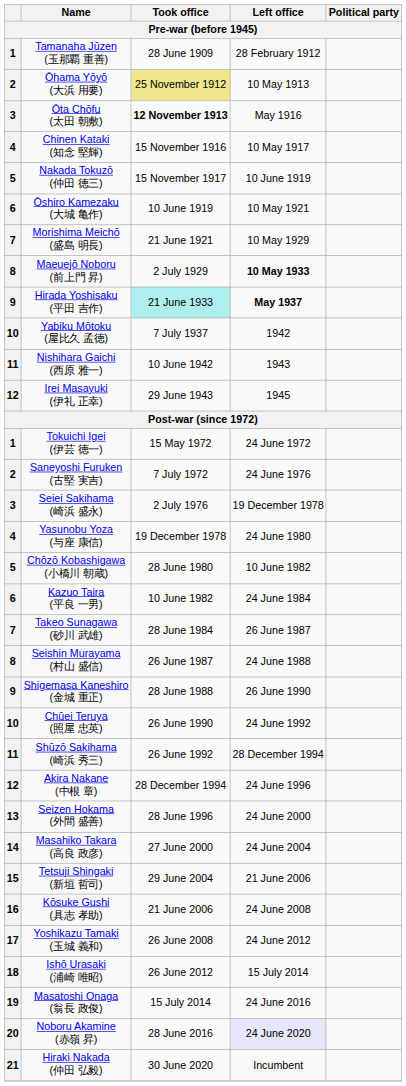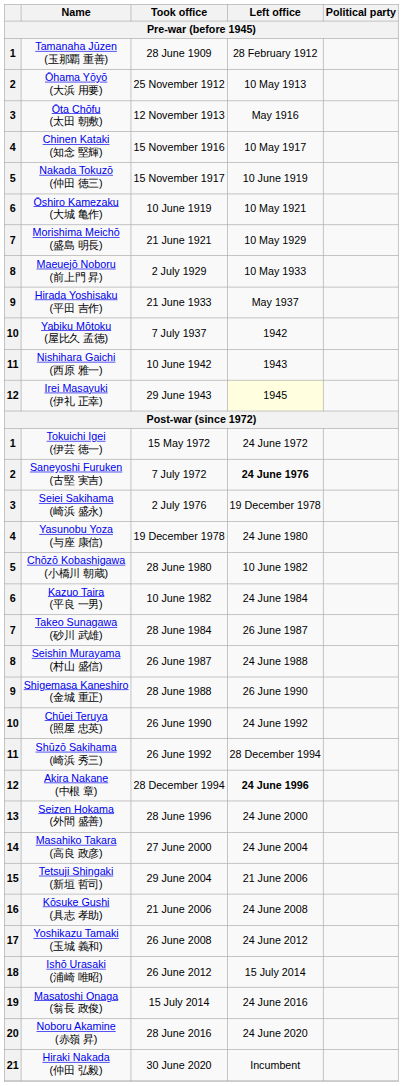 <table class="wikitable" style="text-align:center">
 <tr>
 <th></th>
 <th>Name</th>
 <th>Took office</th>
 <th>Left office</th>
 <th>Political party</th>
 </tr>
 <tr>
 <th colspan="5">Pre-war (before 1945)</th>
 </tr>
 <tr>
 <th>1</th>
 <td><a href='#'>Tamanaha Jūzen</a><br>(玉那覇 重善)</td>
 <td>28 June 1909</td>
 <td>28 February 1912</td>
 <td></td>
 </tr>
 <tr>
 <th>2</th>
 <td><a href='#'>Ōhama Yōyō</a><br>(大浜 用要)</td>
-<td style="background: khaki;">25 November 1912</td>
+<td>25 November 1912</td>
 <td>10 May 1913</td>
 <td></td>
 </tr>
 <tr>
 <th>3</th>
 <td><a href='#'>Ōta Chōfu</a><br>(太田 朝敷)</td>
-<td><strong>12 November 1913</strong></td>
+<td>12 November 1913</td>
 <td>May 1916</td>
 <td></td>
 </tr>
 <tr>
 <th>4</th>
 <td><a href='#'>Chinen Kataki</a><br>(知念 堅輝)</td>
 <td>15 November 1916</td>
 <td>10 May 1917</td>
 <td></td>
 </tr>
 <tr>
 <th>5</th>
 <td><a href='#'>Nakada Tokuzō</a><br>(仲田 徳三)</td>
 <td>15 November 1917</td>
 <td>10 June 1919</td>
 <td></td>
 </tr>
 <tr>
 <th>6</th>
 <td><a href='#'>Ōshiro Kamezaku</a><br>(大城 亀作)</td>
 <td>10 June 1919</td>
 <td>10 May 1921</td>
 <td></td>
 </tr>
 <tr>
 <th>7</th>
 <td><a href='#'>Morishima Meichō</a><br>(盛島 明長)</td>
 <td>21 June 1921</td>
 <td>10 May 1929</td>
 <td></td>
 </tr>
 <tr>
 <th>8</th>
 <td><a href='#'>Maeuejō Noboru</a><br>(前上門 昇)</td>
 <td>2 July 1929</td>
-<td><strong>10 May 1933</strong></td>
+<td>10 May 1933</td>
 <td></td>
 </tr>
 <tr>
 <th>9</th>
 <td><a href='#'>Hirada Yoshisaku</a><br>(平田 吉作)</td>
-<td style="background: paleturquoise;">21 June 1933</td>
-<td><strong>May 1937</strong></td>
+<td>21 June 1933</td>
+<td>May 1937</td>
 <td></td>
 </tr>
 <tr>
 <th>10</th>
 <td><a href='#'>Yabiku Mōtoku</a><br>(屋比久 孟徳)</td>
 <td>7 July 1937</td>
 <td>1942</td>
 <td></td>
 </tr>
 <tr>
 <th>11</th>
 <td><a href='#'>Nishihara Gaichi</a><br>(西原 雅一)</td>
 <td>10 June 1942</td>
 <td>1943</td>
 <td></td>
 </tr>
 <tr>
 <th>12</th>
 <td><a href='#'>Irei Masayuki</a><br>(伊礼 正幸)</td>
 <td>29 June 1943</td>
-<td>1945</td>
+<td style="background: lightyellow;">1945</td>
 <td></td>
 </tr>
 <tr>
 <th colspan="5">Post-war (since 1972)</th>
 </tr>
 <tr>
 <th>1</th>
 <td><a href='#'>Tokuichi Igei</a><br>(伊芸 徳一)</td>
 <td>15 May 1972</td>
 <td>24 June 1972</td>
 <td></td>
 </tr>
 <tr>
 <th>2</th>
 <td><a href='#'>Saneyoshi Furuken</a><br>(古堅 実吉)</td>
 <td>7 July 1972</td>
-<td>24 June 1976</td>
+<td><strong>24 June 1976</strong></td>
 <td></td>
 </tr>
 <tr>
 <th>3</th>
 <td><a href='#'>Seiei Sakihama</a><br>(崎浜 盛永)</td>
 <td>2 July 1976</td>
 <td>19 December 1978</td>
 <td></td>
 </tr>
 <tr>
 <th>4</th>
 <td><a href='#'>Yasunobu Yoza</a><br>(与座 康信)</td>
 <td>19 December 1978</td>
 <td>24 June 1980</td>
 <td></td>
 </tr>
 <tr>
 <th>5</th>
 <td><a href='#'>Chōzō Kobashigawa</a><br>(小橋川 朝蔵)</td>
 <td>28 June 1980</td>
 <td>10 June 1982</td>
 <td></td>
 </tr>
 <tr>
 <th>6</th>
 <td><a href='#'>Kazuo Taira</a><br>(平良 一男)</td>
 <td>10 June 1982</td>
 <td>24 June 1984</td>
 <td></td>
 </tr>
 <tr>
 <th>7</th>
 <td><a href='#'>Takeo Sunagawa</a><br>(砂川 武雄)</td>
 <td>28 June 1984</td>
 <td>26 June 1987</td>
 <td></td>
 </tr>
 <tr>
 <th>8</th>
 <td><a href='#'>Seishin Murayama</a><br>(村山 盛信)</td>
 <td>26 June 1987</td>
 <td>24 June 1988</td>
 <td></td>
 </tr>
 <tr>
 <th>9</th>
 <td><a href='#'>Shigemasa Kaneshiro</a><br>(金城 重正)</td>
 <td>28 June 1988</td>
 <td>26 June 1990</td>
 <td></td>
 </tr>
 <tr>
 <th>10</th>
 <td><a href='#'>Chūei Teruya</a><br>(照屋 忠英)</td>
 <td>26 June 1990</td>
 <td>24 June 1992</td>
 <td></td>
 </tr>
 <tr>
 <th>11</th>
 <td><a href='#'>Shūzō Sakihama</a><br>(崎浜 秀三)</td>
 <td>26 June 1992</td>
 <td>28 December 1994</td>
 <td></td>
 </tr>
 <tr>
 <th>12</th>
 <td><a href='#'>Akira Nakane</a><br>(中根 章)</td>
 <td>28 December 1994</td>
-<td>24 June 1996</td>
+<td><strong>24 June 1996</strong></td>
 <td></td>
 </tr>
 <tr>
 <th>13</th>
 <td><a href='#'>Seizen Hokama</a><br>(外間 盛善)</td>
 <td>28 June 1996</td>
 <td>24 June 2000</td>
 <td></td>
 </tr>
 <tr>
 <th>14</th>
 <td><a href='#'>Masahiko Takara</a><br>(高良 政彦)</td>
 <td>27 June 2000</td>
 <td>24 June 2004</td>
 <td></td>
 </tr>
 <tr>
 <th>15</th>
 <td><a href='#'>Tetsuji Shingaki</a><br>(新垣 哲司)</td>
 <td>29 June 2004</td>
 <td>21 June 2006</td>
 <td></td>
 </tr>
 <tr>
 <th>16</th>
 <td><a href='#'>Kōsuke Gushi</a><br>(具志 孝助)</td>
 <td>21 June 2006</td>
 <td>24 June 2008</td>
 <td></td>
 </tr>
 <tr>
 <th>17</th>
 <td><a href='#'>Yoshikazu Tamaki</a><br>(玉城 義和)</td>
 <td>26 June 2008</td>
 <td>24 June 2012</td>
 <td></td>
 </tr>
 <tr>
 <th>18</th>
 <td><a href='#'>Ishō Urasaki</a><br>(浦崎 唯昭)</td>
 <td>26 June 2012</td>
 <td>15 July 2014</td>
 <td></td>
 </tr>
 <tr>
 <th>19</th>
 <td><a href='#'>Masatoshi Onaga</a><br>(翁長 政俊)</td>
 <td>15 July 2014</td>
 <td>24 June 2016</td>
 <td></td>
 </tr>
 <tr>
 <th>20</th>
 <td><a href='#'>Noboru Akamine</a><br>(赤嶺 昇)</td>
 <td>28 June 2016</td>
-<td style="background: lavender;">24 June 2020</td>
+<td>24 June 2020</td>
 <td></td>
 </tr>
 <tr>
 <th>21</th>
 <td><a href='#'>Hiraki Nakada</a><br>(仲田 弘毅)</td>
 <td>30 June 2020</td>
 <td>Incumbent</td>
 <td></td>
 </tr>
 <tr>
 </tr>
 </table>
